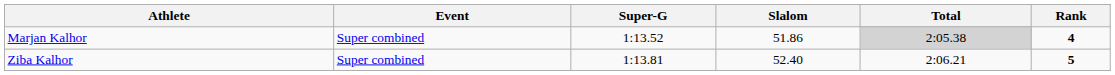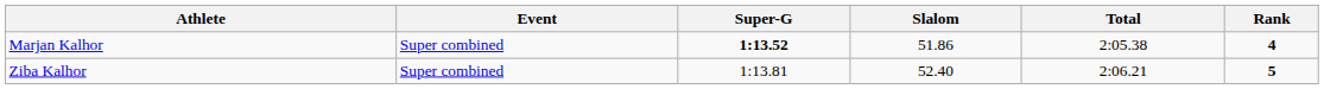 <table class="wikitable" width="60%" style="text-align:center; font-size:90%">
 <tr>
 <th width="25%">Athlete</th>
 <th width="18%">Event</th>
 <th width="11%">Super-G</th>
 <th width="11%">Slalom</th>
 <th width="13%">Total</th>
 <th width="6%">Rank</th>
 </tr>
 <tr>
 <td align="left"><a href='#'>Marjan Kalhor</a></td>
 <td align="left"><a href='#'>Super combined</a></td>
-<td>1:13.52</td>
+<td><strong>1:13.52</strong></td>
 <td>51.86</td>
-<td style="background: lightgrey;">2:05.38</td>
+<td>2:05.38</td>
 <td><strong>4</strong></td>
 </tr>
 <tr>
 <td align="left"><a href='#'>Ziba Kalhor</a></td>
 <td align="left"><a href='#'>Super combined</a></td>
 <td>1:13.81</td>
 <td>52.40</td>
 <td>2:06.21</td>
 <td><strong>5</strong></td>
 </tr>
 </table>
